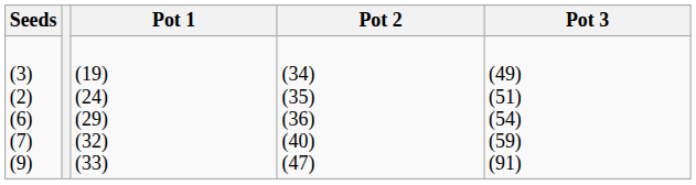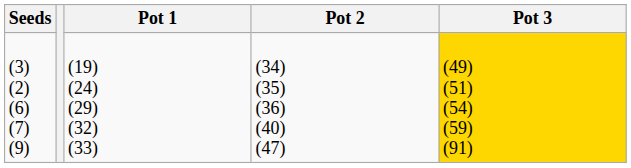 <table class="wikitable">
 <tr>
 <th>Seeds</th>
 <th rowspan=2></th>
 <th width=160>Pot 1</th>
 <th width=160>Pot 2</th>
 <th width=160>Pot 3</th>
 </tr>
 <tr>
 <td><br> (3) <br>  (2) <br>  (6) <br>  (7) <br>  (9) </td>
 <td><br> (19)<br>  (24)<br>  (29)<br>  (32)<br>  (33)</td>
 <td><br> (34)<br>  (35)<br>  (36)<br>  (40)<br>  (47)</td>
-<td><br> (49)<br>  (51)<br>  (54)<br>  (59)<br>  (91)</td>
+<td style="background: gold;"><br> (49)<br>  (51)<br>  (54)<br>  (59)<br>  (91)</td>
 </tr>
 </table>
